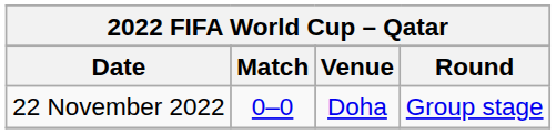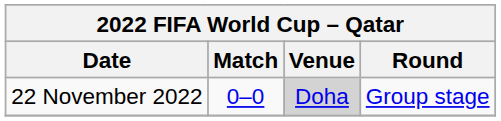 <table class="wikitable" style="margin:1em auto 1em auto; text-align:center; font-size:small;">
 <tr>
 <th colspan="4">2022 FIFA World Cup – Qatar</th>
 </tr>
 <tr>
 <th>Date</th>
 <th>Match</th>
 <th>Venue</th>
 <th>Round</th>
 </tr>
 <tr>
 <td>22 November 2022</td>
 <td align=center> <a href='#'>0–0</a> </td>
-<td><a href='#'>Doha</a></td>
+<td style="background: lightgrey;"><a href='#'>Doha</a></td>
 <td><a href='#'>Group stage</a></td>
 </tr>
 <tr>
 </tr>
 </table>
